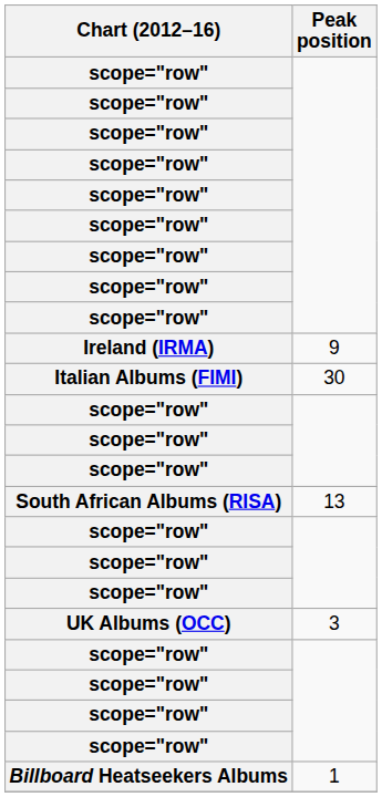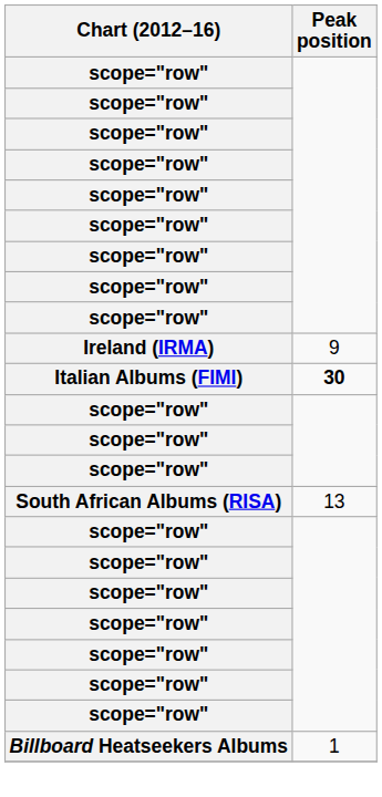 <table class="wikitable sortable plainrowheaders">
 <tr>
 <th>Chart (2012–16)</th>
 <th>Peak<br>position</th>
 </tr>
 <tr>
 <th>scope="row" </th>
 </tr>
 <tr>
 <th>scope="row" </th>
 </tr>
 <tr>
 <th>scope="row" </th>
 </tr>
 <tr>
 <th>scope="row" </th>
 </tr>
 <tr>
 <th>scope="row" </th>
 </tr>
 <tr>
 <th>scope="row" </th>
 </tr>
 <tr>
 <th>scope="row" </th>
 </tr>
 <tr>
 <th>scope="row" </th>
 </tr>
 <tr>
 <th>scope="row" </th>
 </tr>
 <tr>
 <th scope="row">Ireland (<a href='#'>IRMA</a>)</th>
 <td align="center">9</td>
 </tr>
 <tr>
 <th scope="row">Italian Albums (<a href='#'>FIMI</a>)</th>
-<td style="text-align:center;">30</td>
+<td style="text-align:center;"><strong>30</strong></td>
 </tr>
 <tr>
 <th>scope="row" </th>
 </tr>
 <tr>
 <th>scope="row" </th>
 </tr>
 <tr>
 <th>scope="row" </th>
 </tr>
 <tr>
 <th scope="row">South African Albums (<a href='#'>RISA</a>)</th>
 <td style="text-align:center;">13</td>
 </tr>
 <tr>
 <th>scope="row" </th>
 </tr>
 <tr>
 <th>scope="row" </th>
 </tr>
 <tr>
 <th>scope="row" </th>
 </tr>
 <tr>
-<th scope="row">UK Albums (<a href='#'>OCC</a>)</th>
-<td align="center">3</td>
-</tr>
-<tr>
 <th>scope="row" </th>
 </tr>
 <tr>
 <th>scope="row" </th>
 </tr>
 <tr>
 <th>scope="row" </th>
 </tr>
 <tr>
 <th>scope="row" </th>
 </tr>
 <tr>
 <th scope="row" U.S.><em>Billboard</em> Heatseekers Albums</th>
 <td style="text-align:center;">1</td>
 </tr>
 <tr>
 </tr>
 </table>
